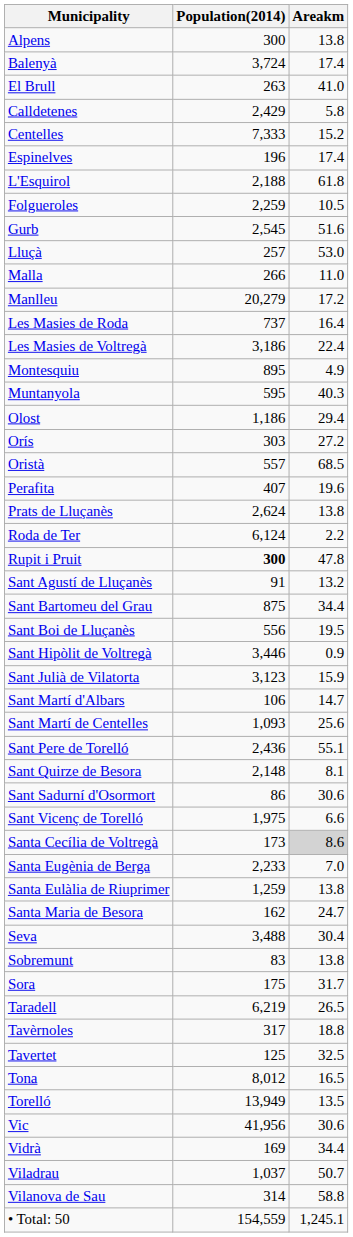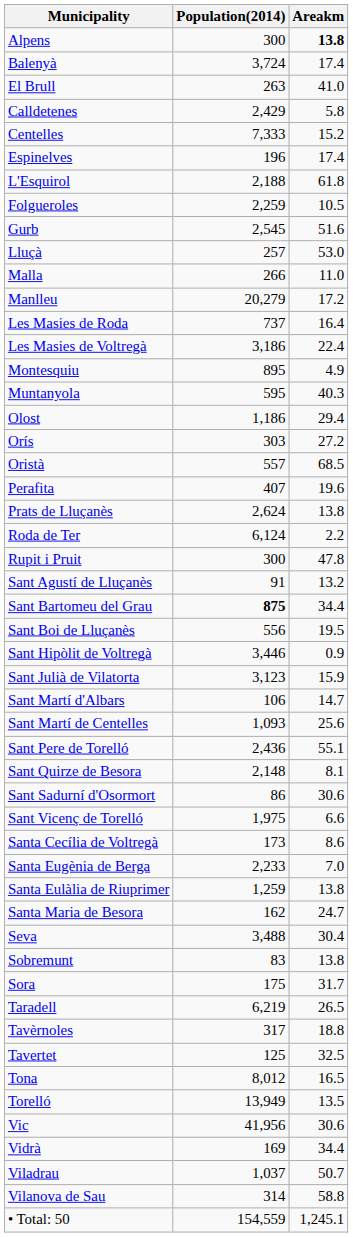 <table class="wikitable sortable">
 <tr>
 <th>Municipality</th>
 <th>Population(2014)</th>
 <th>Areakm</th>
 </tr>
 <tr>
 <td><a href='#'>Alpens</a></td>
 <td align=right>300</td>
-<td align=right>13.8</td>
+<td align=right><strong>13.8</strong></td>
 </tr>
 <tr>
 <td><a href='#'>Balenyà</a></td>
 <td align=right>3,724</td>
 <td align=right>17.4</td>
 </tr>
 <tr>
 <td><a href='#'>El Brull</a></td>
 <td align=right>263</td>
 <td align=right>41.0</td>
 </tr>
 <tr>
 <td><a href='#'>Calldetenes</a></td>
 <td align=right>2,429</td>
 <td align=right>5.8</td>
 </tr>
 <tr>
 <td><a href='#'>Centelles</a></td>
 <td align=right>7,333</td>
 <td align=right>15.2</td>
 </tr>
 <tr>
 <td><a href='#'>Espinelves</a></td>
 <td align=right>196</td>
 <td align=right>17.4</td>
 </tr>
 <tr>
 <td><a href='#'>L'Esquirol</a></td>
 <td align=right>2,188</td>
 <td align=right>61.8</td>
 </tr>
 <tr>
 <td><a href='#'>Folgueroles</a></td>
 <td align=right>2,259</td>
 <td align=right>10.5</td>
 </tr>
 <tr>
 <td><a href='#'>Gurb</a></td>
 <td align=right>2,545</td>
 <td align=right>51.6</td>
 </tr>
 <tr>
 <td><a href='#'>Lluçà</a></td>
 <td align=right>257</td>
 <td align=right>53.0</td>
 </tr>
 <tr>
 <td><a href='#'>Malla</a></td>
 <td align=right>266</td>
 <td align=right>11.0</td>
 </tr>
 <tr>
 <td><a href='#'>Manlleu</a></td>
 <td align=right>20,279</td>
 <td align=right>17.2</td>
 </tr>
 <tr>
 <td><a href='#'>Les Masies de Roda</a></td>
 <td align=right>737</td>
 <td align=right>16.4</td>
 </tr>
 <tr>
 <td><a href='#'>Les Masies de Voltregà</a></td>
 <td align=right>3,186</td>
 <td align=right>22.4</td>
 </tr>
 <tr>
 <td><a href='#'>Montesquiu</a></td>
 <td align=right>895</td>
 <td align=right>4.9</td>
 </tr>
 <tr>
 <td><a href='#'>Muntanyola</a></td>
 <td align=right>595</td>
 <td align=right>40.3</td>
 </tr>
 <tr>
 <td><a href='#'>Olost</a></td>
 <td align=right>1,186</td>
 <td align=right>29.4</td>
 </tr>
 <tr>
 <td><a href='#'>Orís</a></td>
 <td align=right>303</td>
 <td align=right>27.2</td>
 </tr>
 <tr>
 <td><a href='#'>Oristà</a></td>
 <td align=right>557</td>
 <td align=right>68.5</td>
 </tr>
 <tr>
 <td><a href='#'>Perafita</a></td>
 <td align=right>407</td>
 <td align=right>19.6</td>
 </tr>
 <tr>
 <td><a href='#'>Prats de Lluçanès</a></td>
 <td align=right>2,624</td>
 <td align=right>13.8</td>
 </tr>
 <tr>
 <td><a href='#'>Roda de Ter</a></td>
 <td align=right>6,124</td>
 <td align=right>2.2</td>
 </tr>
 <tr>
 <td><a href='#'>Rupit i Pruit</a></td>
-<td align=right><strong>300</strong></td>
+<td align=right>300</td>
 <td align=right>47.8</td>
 </tr>
 <tr>
 <td><a href='#'>Sant Agustí de Lluçanès</a></td>
 <td align=right>91</td>
 <td align=right>13.2</td>
 </tr>
 <tr>
 <td><a href='#'>Sant Bartomeu del Grau</a></td>
-<td align=right>875</td>
+<td align=right><strong>875</strong></td>
 <td align=right>34.4</td>
 </tr>
 <tr>
 <td><a href='#'>Sant Boi de Lluçanès</a></td>
 <td align=right>556</td>
 <td align=right>19.5</td>
 </tr>
 <tr>
 <td><a href='#'>Sant Hipòlit de Voltregà</a></td>
 <td align=right>3,446</td>
 <td align=right>0.9</td>
 </tr>
 <tr>
 <td><a href='#'>Sant Julià de Vilatorta</a></td>
 <td align=right>3,123</td>
 <td align=right>15.9</td>
 </tr>
 <tr>
 <td><a href='#'>Sant Martí d'Albars</a></td>
 <td align=right>106</td>
 <td align=right>14.7</td>
 </tr>
 <tr>
 <td><a href='#'>Sant Martí de Centelles</a></td>
 <td align=right>1,093</td>
 <td align=right>25.6</td>
 </tr>
 <tr>
 <td><a href='#'>Sant Pere de Torelló</a></td>
 <td align=right>2,436</td>
 <td align=right>55.1</td>
 </tr>
 <tr>
 <td><a href='#'>Sant Quirze de Besora</a></td>
 <td align=right>2,148</td>
 <td align=right>8.1</td>
 </tr>
 <tr>
 <td><a href='#'>Sant Sadurní d'Osormort</a></td>
 <td align=right>86</td>
 <td align=right>30.6</td>
 </tr>
 <tr>
 <td><a href='#'>Sant Vicenç de Torelló</a></td>
 <td align=right>1,975</td>
 <td align=right>6.6</td>
 </tr>
 <tr>
 <td><a href='#'>Santa Cecília de Voltregà</a></td>
 <td align=right>173</td>
-<td align=right style="background: lightgrey;">8.6</td>
+<td align=right>8.6</td>
 </tr>
 <tr>
 <td><a href='#'>Santa Eugènia de Berga</a></td>
 <td align=right>2,233</td>
 <td align=right>7.0</td>
 </tr>
 <tr>
 <td><a href='#'>Santa Eulàlia de Riuprimer</a></td>
 <td align=right>1,259</td>
 <td align=right>13.8</td>
 </tr>
 <tr>
 <td><a href='#'>Santa Maria de Besora</a></td>
 <td align=right>162</td>
 <td align=right>24.7</td>
 </tr>
 <tr>
 <td><a href='#'>Seva</a></td>
 <td align=right>3,488</td>
 <td align=right>30.4</td>
 </tr>
 <tr>
 <td><a href='#'>Sobremunt</a></td>
 <td align=right>83</td>
 <td align=right>13.8</td>
 </tr>
 <tr>
 <td><a href='#'>Sora</a></td>
 <td align=right>175</td>
 <td align=right>31.7</td>
 </tr>
 <tr>
 <td><a href='#'>Taradell</a></td>
 <td align=right>6,219</td>
 <td align=right>26.5</td>
 </tr>
 <tr>
 <td><a href='#'>Tavèrnoles</a></td>
 <td align=right>317</td>
 <td align=right>18.8</td>
 </tr>
 <tr>
 <td><a href='#'>Tavertet</a></td>
 <td align=right>125</td>
 <td align=right>32.5</td>
 </tr>
 <tr>
 <td><a href='#'>Tona</a></td>
 <td align=right>8,012</td>
 <td align=right>16.5</td>
 </tr>
 <tr>
 <td><a href='#'>Torelló</a></td>
 <td align=right>13,949</td>
 <td align=right>13.5</td>
 </tr>
 <tr>
 <td><a href='#'>Vic</a></td>
 <td align=right>41,956</td>
 <td align=right>30.6</td>
 </tr>
 <tr>
 <td><a href='#'>Vidrà</a></td>
 <td align=right>169</td>
 <td align=right>34.4</td>
 </tr>
 <tr>
 <td><a href='#'>Viladrau</a></td>
 <td align=right>1,037</td>
 <td align=right>50.7</td>
 </tr>
 <tr>
 <td><a href='#'>Vilanova de Sau</a></td>
 <td align=right>314</td>
 <td align=right>58.8</td>
 </tr>
 <tr>
 <td>• Total: 50</td>
 <td align=right>154,559</td>
 <td align=right>1,245.1</td>
 </tr>
 </table>
